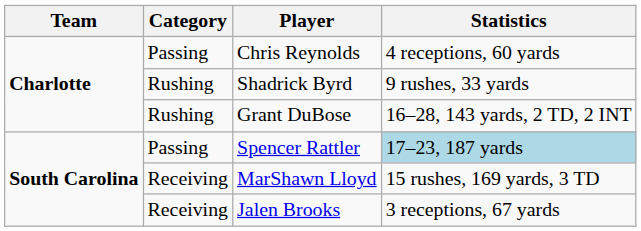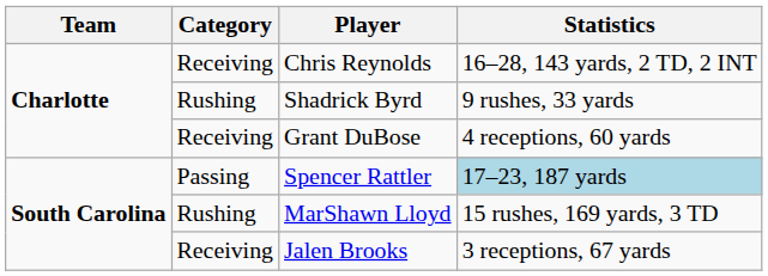 <table class="wikitable" style="float: left;">
 <tr>
 <th>Team</th>
 <th>Category</th>
 <th>Player</th>
 <th>Statistics</th>
 </tr>
 <tr>
 <td rowspan=3><strong>Charlotte</strong></td>
-<td>Passing</td>
+<td>Receiving</td>
 <td>Chris Reynolds</td>
-<td>4 receptions, 60 yards</td>
+<td>16–28, 143 yards, 2 TD, 2 INT</td>
 </tr>
 <tr>
 <td>Rushing</td>
 <td>Shadrick Byrd</td>
 <td>9 rushes, 33 yards</td>
 </tr>
 <tr>
-<td>Rushing</td>
+<td>Receiving</td>
 <td>Grant DuBose</td>
-<td>16–28, 143 yards, 2 TD, 2 INT</td>
+<td>4 receptions, 60 yards</td>
 </tr>
 <tr>
 <td rowspan=3><strong>South Carolina</strong></td>
 <td>Passing</td>
 <td><a href='#'>Spencer Rattler</a></td>
 <td style="background: lightblue;">17–23, 187 yards</td>
 </tr>
 <tr>
-<td>Receiving</td>
+<td>Rushing</td>
 <td><a href='#'>MarShawn Lloyd</a></td>
 <td>15 rushes, 169 yards, 3 TD</td>
 </tr>
 <tr>
 <td>Receiving</td>
 <td><a href='#'>Jalen Brooks</a></td>
 <td>3 receptions, 67 yards</td>
 </tr>
 </table>
